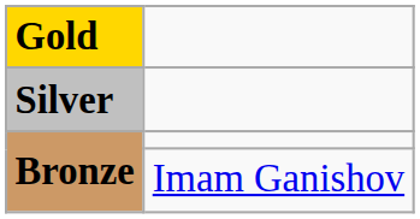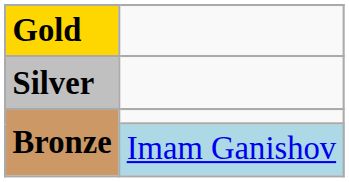 <table class="wikitable">
 <tr>
 <td bgcolor="gold"><strong>Gold</strong></td>
 <td></td>
 </tr>
 <tr>
 <td bgcolor="silver"><strong>Silver</strong></td>
 <td></td>
 </tr>
 <tr>
 <td rowspan="2" bgcolor="#cc9966"><strong>Bronze</strong></td>
 <td></td>
 </tr>
 <tr>
-<td {{flagathlete> <a href='#'>Imam Ganishov</a> </td>
+<td {{flagathlete style="background: lightblue;"> <a href='#'>Imam Ganishov</a> </td>
 </tr>
 </table>
